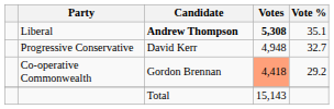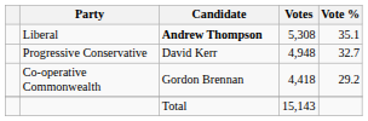 <table class="wikitable">
 <tr>
 <th></th>
 <th scope="col" width="175">Party</th>
 <th scope="col" width="150">Candidate</th>
 <th>Votes</th>
 <th>Vote %</th>
 </tr>
 <tr>
 <td>   </td>
 <td>Liberal</td>
 <td><strong>Andrew Thompson</strong></td>
-<td align=right><strong>5,308</strong></td>
+<td align=right>5,308</td>
 <td align=right>35.1</td>
 </tr>
 <tr |>
 <td>   </td>
 <td>Progressive Conservative</td>
 <td>David Kerr</td>
 <td align=right>4,948</td>
 <td align=right>32.7</td>
 </tr>
 <tr |>
 <td>   </td>
 <td>Co-operative Commonwealth</td>
 <td>Gordon Brennan</td>
-<td align=right style="background: lightsalmon;">4,418</td>
+<td align=right>4,418</td>
 <td align=right>29.2</td>
 </tr>
 <tr |>
 </tr>
 <tr>
 <td></td>
 <td></td>
 <td>Total</td>
 <td align=right>15,143</td>
 <td></td>
 </tr>
 </table>
